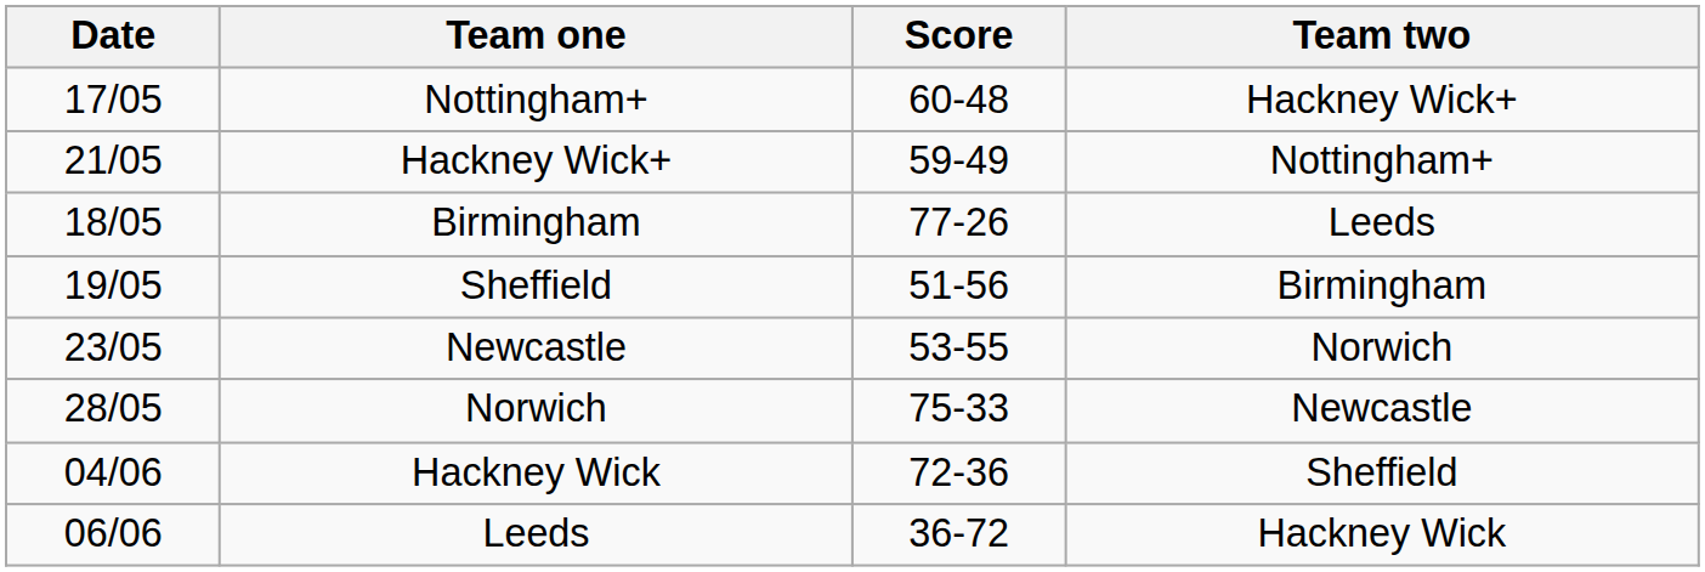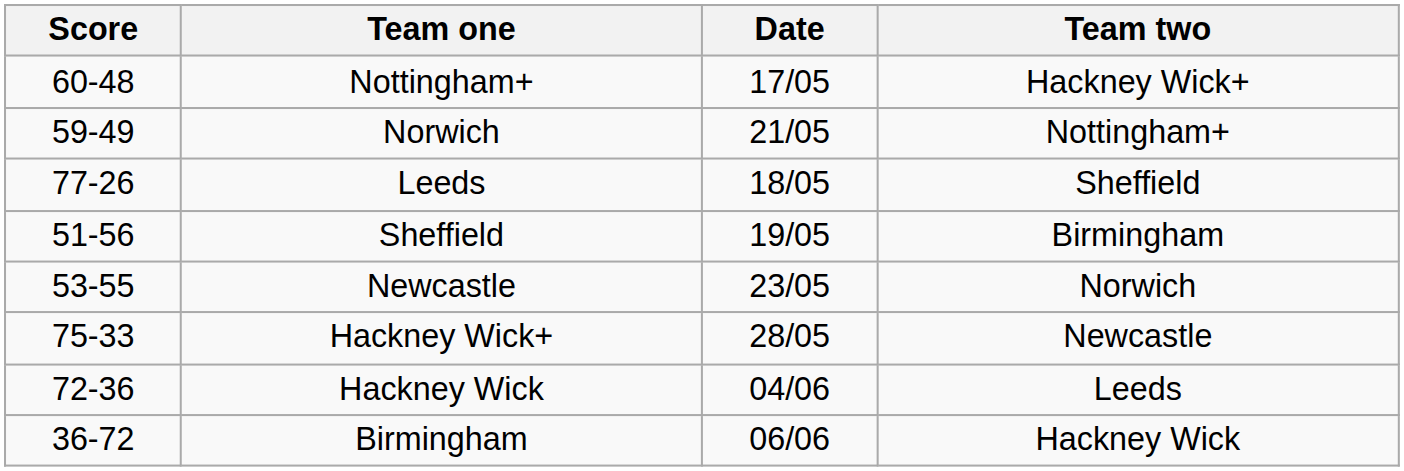 <table class="wikitable" style="text-align: center">
 <tr>
+<th width=80>Score</th>
+<th width=250>Team one</th>
 <th width=80>Date</th>
-<th width=250>Team one</th>
-<th width=80>Score</th>
 <th width=250>Team two</th>
 </tr>
 <tr>
+<td>60-48</td>
+<td>Nottingham+</td>
 <td>17/05</td>
-<td>Nottingham+</td>
-<td>60-48</td>
 <td>Hackney Wick+</td>
 </tr>
 <tr>
+<td>59-49</td>
+<td>Norwich</td>
 <td>21/05</td>
-<td>Hackney Wick+</td>
-<td>59-49</td>
 <td>Nottingham+</td>
 </tr>
 <tr>
+<td>77-26</td>
+<td>Leeds</td>
 <td>18/05</td>
+<td>Sheffield</td>
+</tr>
+<tr>
+<td>51-56</td>
+<td>Sheffield</td>
+<td>19/05</td>
 <td>Birmingham</td>
-<td>77-26</td>
+</tr>
+<tr>
+<td>53-55</td>
+<td>Newcastle</td>
+<td>23/05</td>
+<td>Norwich</td>
+</tr>
+<tr>
+<td>75-33</td>
+<td>Hackney Wick+</td>
+<td>28/05</td>
+<td>Newcastle</td>
+</tr>
+<tr>
+<td>72-36</td>
+<td>Hackney Wick</td>
+<td>04/06</td>
 <td>Leeds</td>
 </tr>
 <tr>
-<td>19/05</td>
-<td>Sheffield</td>
-<td>51-56</td>
+<td>36-72</td>
 <td>Birmingham</td>
-</tr>
-<tr>
-<td>23/05</td>
-<td>Newcastle</td>
-<td>53-55</td>
-<td>Norwich</td>
-</tr>
-<tr>
-<td>28/05</td>
-<td>Norwich</td>
-<td>75-33</td>
-<td>Newcastle</td>
-</tr>
-<tr>
-<td>04/06</td>
-<td>Hackney Wick</td>
-<td>72-36</td>
-<td>Sheffield</td>
-</tr>
-<tr>
 <td>06/06</td>
-<td>Leeds</td>
-<td>36-72</td>
 <td>Hackney Wick</td>
 </tr>
 </table>
